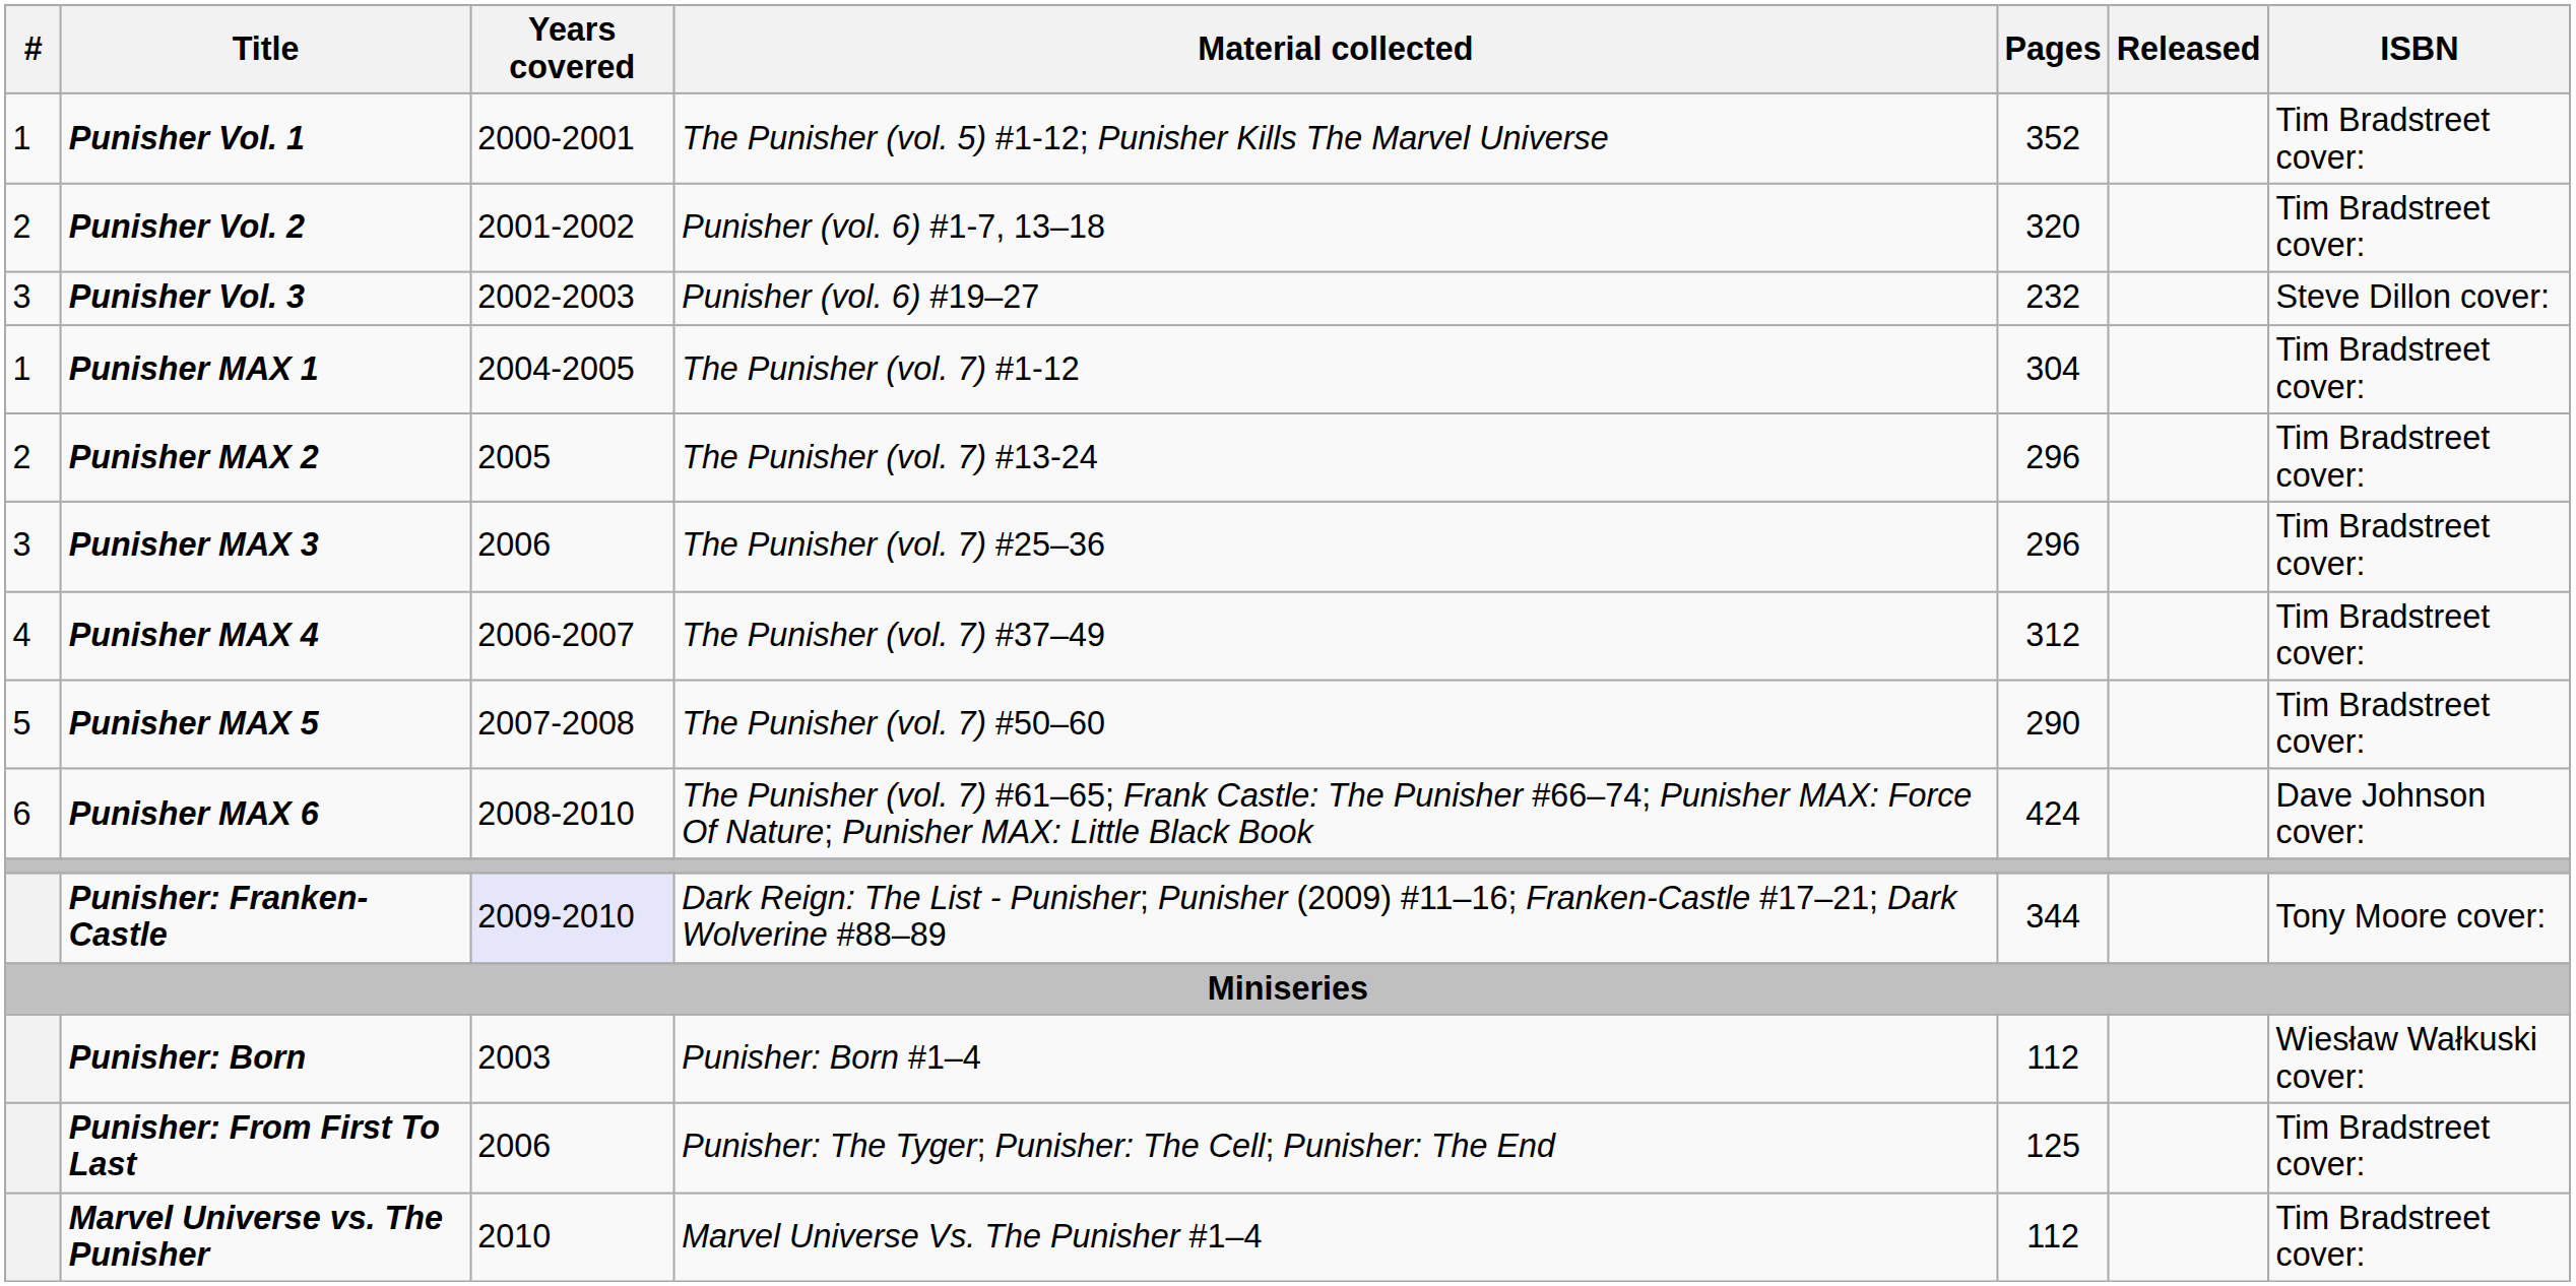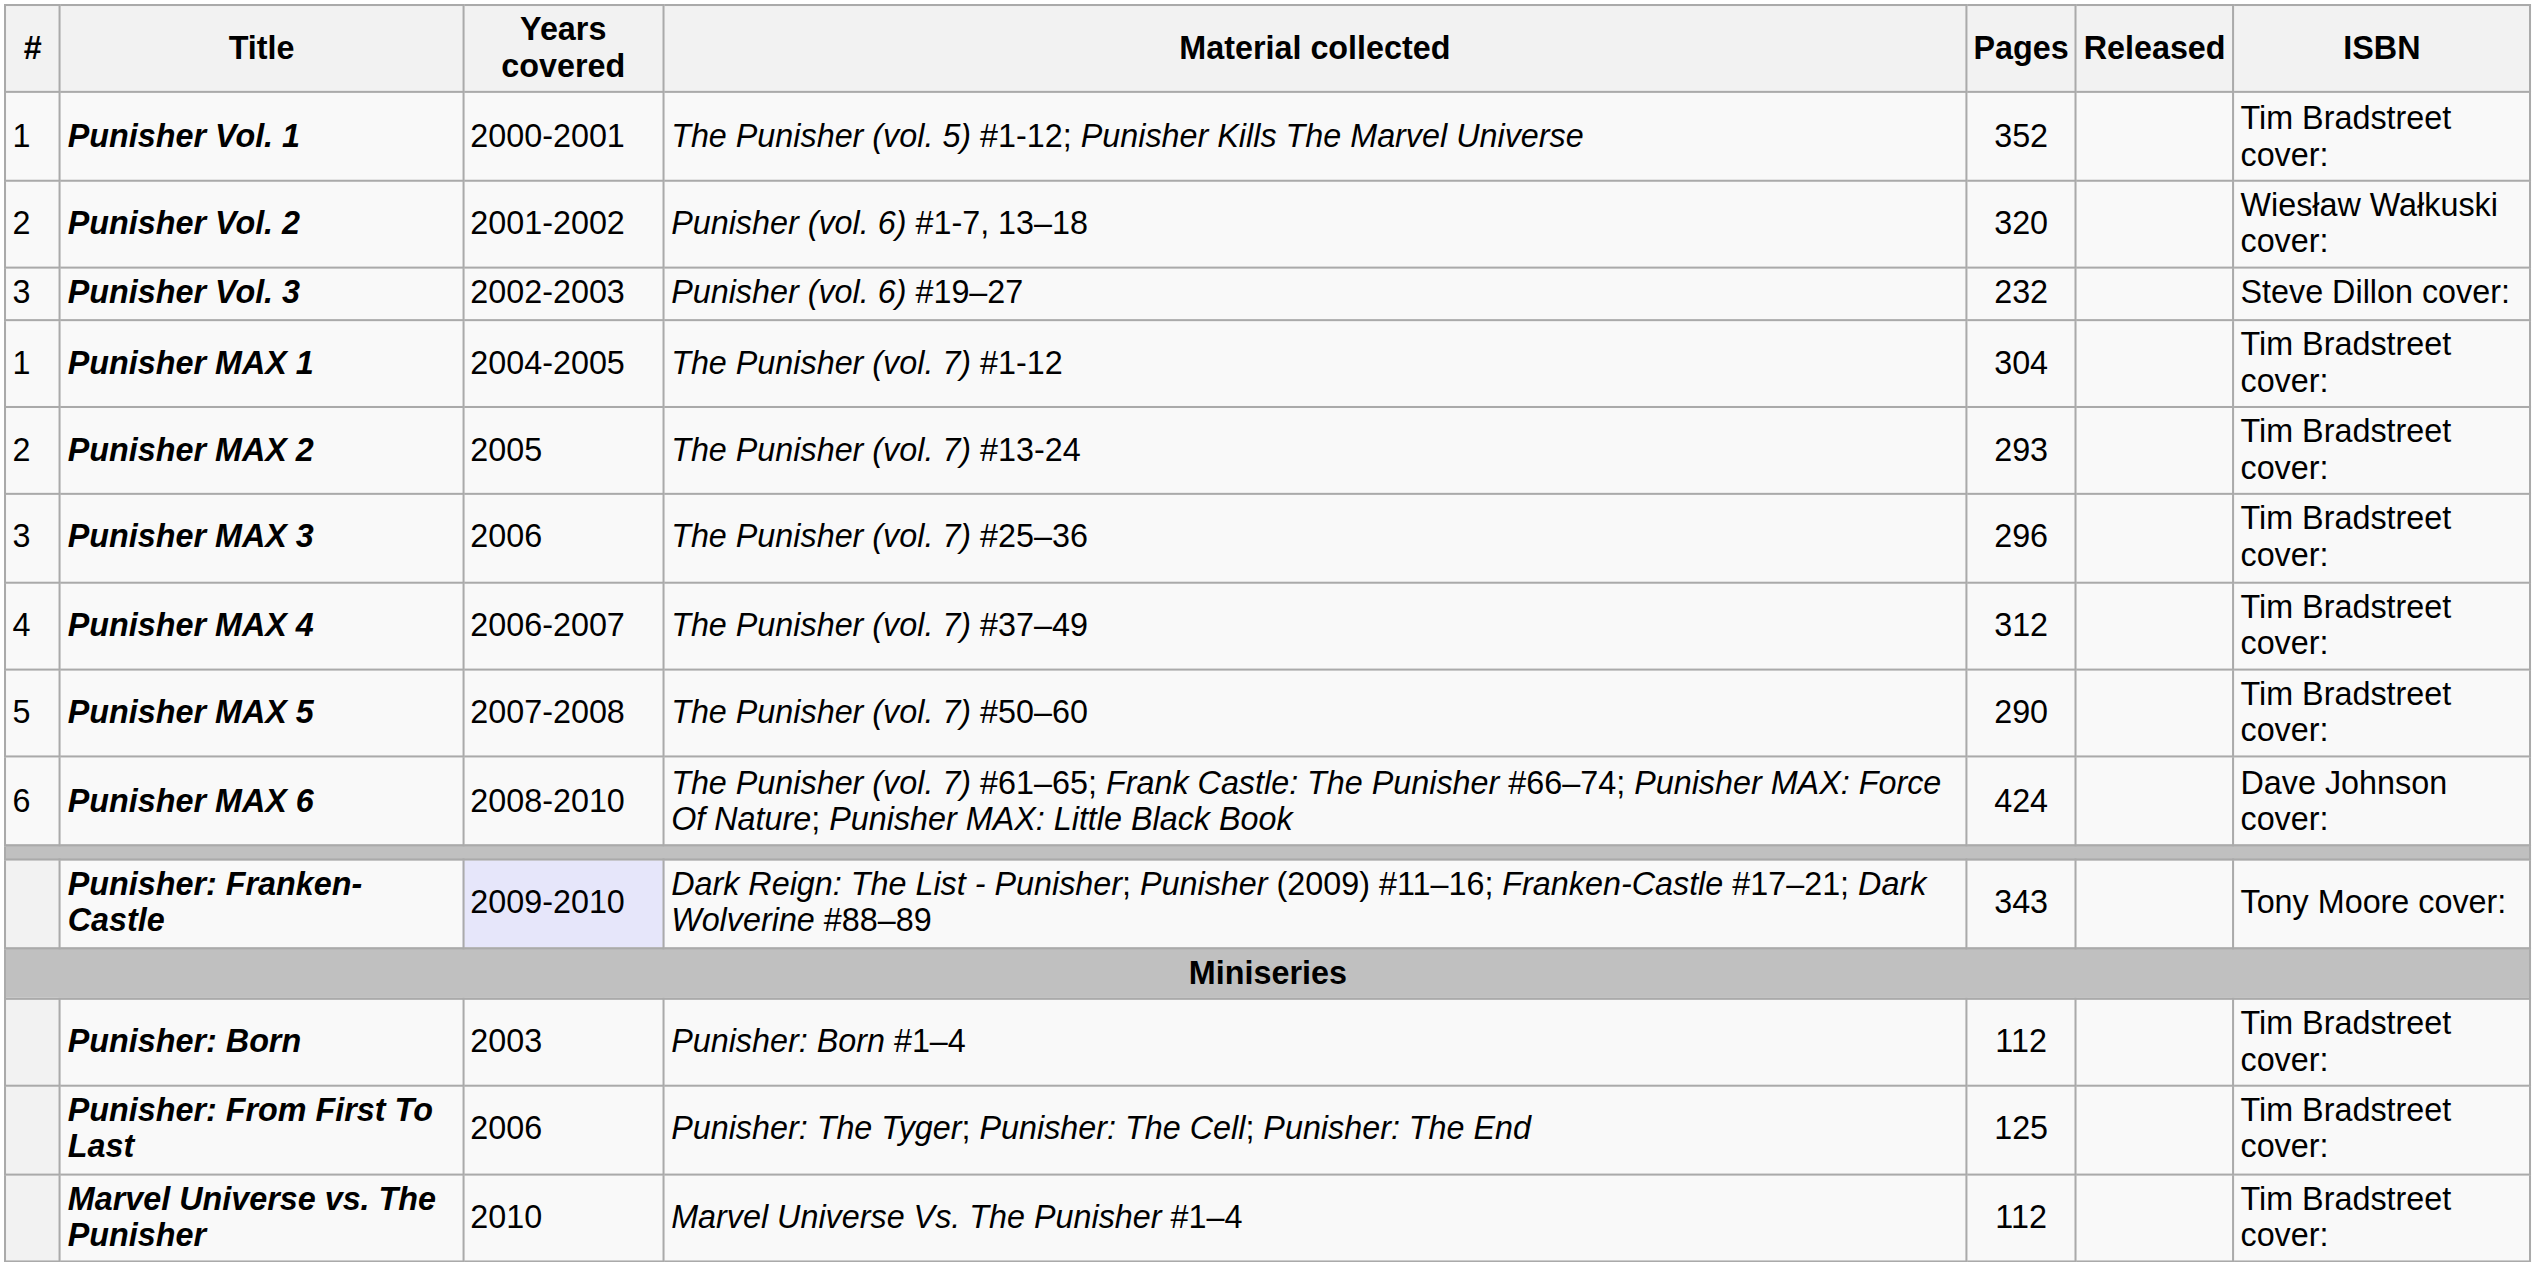 <table class="wikitable sortable" width=99%>
 <tr>
 <th class="unsortable" width=20px>#</th>
 <th>Title</th>
 <th>Years covered</th>
 <th class="unsortable">Material collected</th>
 <th>Pages</th>
 <th>Released</th>
 <th class="unsortable">ISBN</th>
 </tr>
 <tr>
 <td>1</td>
 <td><strong><em>Punisher Vol. 1</em></strong></td>
 <td>2000-2001</td>
 <td><em>The Punisher (vol. 5)</em> #1-12; <em>Punisher Kills The Marvel Universe</em></td>
 <td style="text-align: center;">352</td>
 <td></td>
 <td>Tim Bradstreet cover: </td>
 </tr>
 <tr>
 <td>2</td>
 <td><strong><em>Punisher Vol. 2</em></strong></td>
 <td>2001-2002</td>
 <td><em>Punisher (vol. 6)</em> #1-7, 13–18</td>
 <td style="text-align: center;">320</td>
 <td></td>
-<td>Tim Bradstreet cover: </td>
+<td>Wiesław Wałkuski cover: </td>
 </tr>
 <tr>
 <td>3</td>
 <td><strong><em>Punisher Vol. 3</em></strong></td>
 <td>2002-2003</td>
 <td><em>Punisher (vol. 6)</em> #19–27</td>
 <td style="text-align: center;">232</td>
 <td></td>
 <td>Steve Dillon cover: </td>
 </tr>
 <tr>
 <td>1</td>
 <td><strong><em>Punisher MAX 1</em></strong></td>
 <td>2004-2005</td>
 <td><em>The Punisher (vol. 7)</em> #1-12</td>
 <td style="text-align: center;">304</td>
 <td></td>
 <td>Tim Bradstreet cover: </td>
 </tr>
 <tr>
 <td>2</td>
 <td><strong><em>Punisher MAX 2</em></strong></td>
 <td>2005</td>
 <td><em>The Punisher (vol. 7)</em> #13-24</td>
-<td style="text-align: center;">296</td>
+<td style="text-align: center;">293</td>
 <td></td>
 <td>Tim Bradstreet cover: </td>
 </tr>
 <tr>
 <td>3</td>
 <td><strong><em>Punisher MAX 3</em></strong></td>
 <td>2006</td>
 <td><em>The Punisher (vol. 7)</em> #25–36</td>
 <td style="text-align: center;">296</td>
 <td></td>
 <td>Tim Bradstreet cover: </td>
 </tr>
 <tr>
 <td>4</td>
 <td><strong><em>Punisher MAX 4</em></strong></td>
 <td>2006-2007</td>
 <td><em>The Punisher (vol. 7)</em> #37–49</td>
 <td style="text-align: center;">312</td>
 <td></td>
 <td>Tim Bradstreet cover: </td>
 </tr>
 <tr>
 <td>5</td>
 <td><strong><em>Punisher MAX 5</em></strong></td>
 <td>2007-2008</td>
 <td><em>The Punisher (vol. 7)</em> #50–60</td>
 <td style="text-align: center;">290</td>
 <td></td>
 <td>Tim Bradstreet cover: </td>
 </tr>
 <tr>
 <td>6</td>
 <td><strong><em>Punisher MAX 6</em></strong></td>
 <td>2008-2010</td>
 <td><em>The Punisher (vol. 7)</em> #61–65; <em>Frank Castle: The Punisher</em> #66–74; <em>Punisher MAX: Force Of Nature</em>; <em>Punisher MAX: Little Black Book</em></td>
 <td style="text-align: center;">424</td>
 <td></td>
 <td>Dave Johnson cover: </td>
 </tr>
 <tr>
 <th colspan=7 style="background-color: silver;"></th>
 </tr>
 <tr>
 <th style="background-color: light grey;"></th>
 <td><strong><em>Punisher: Franken-Castle</em></strong></td>
 <td style="background: lavender;">2009-2010</td>
 <td><em>Dark Reign: The List - Punisher</em>; <em>Punisher</em> (2009) #11–16; <em>Franken-Castle</em> #17–21; <em>Dark Wolverine</em> #88–89</td>
-<td style="text-align: center;">344</td>
+<td style="text-align: center;">343</td>
 <td></td>
 <td>Tony Moore cover: </td>
 </tr>
 <tr>
 <th colspan=7 style="background-color: silver;">Miniseries</th>
 </tr>
 <tr>
 <th style="background-color: light grey;"></th>
 <td><strong><em>Punisher: Born</em></strong></td>
 <td>2003</td>
 <td><em>Punisher: Born</em> #1–4</td>
 <td style="text-align: center;">112</td>
 <td></td>
-<td>Wiesław Wałkuski cover: </td>
+<td>Tim Bradstreet cover: </td>
 </tr>
 <tr>
 <th style="background-color: light grey;"></th>
 <td><strong><em>Punisher: From First To Last</em></strong></td>
 <td>2006</td>
 <td><em>Punisher: The Tyger</em>; <em>Punisher: The Cell</em>; <em>Punisher: The End</em></td>
 <td style="text-align: center;">125</td>
 <td></td>
 <td>Tim Bradstreet cover: </td>
 </tr>
 <tr>
 <th style="background-color: light grey;"></th>
 <td><strong><em>Marvel Universe vs. The Punisher</em></strong></td>
 <td>2010</td>
 <td><em>Marvel Universe Vs. The Punisher</em> #1–4</td>
 <td style="text-align: center;">112</td>
 <td></td>
 <td>Tim Bradstreet cover: </td>
 </tr>
 </table>
